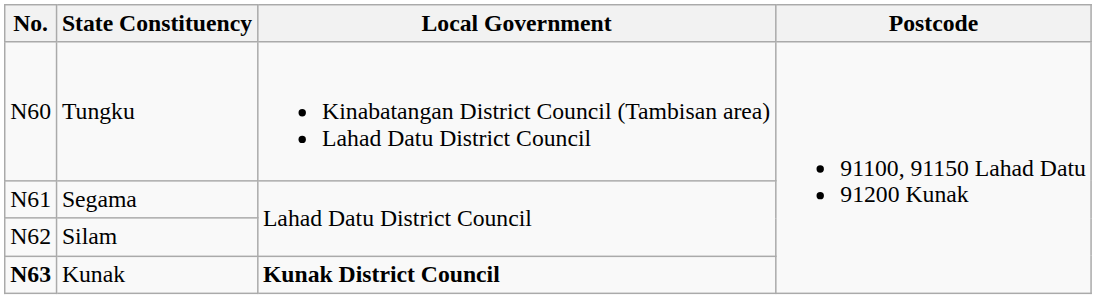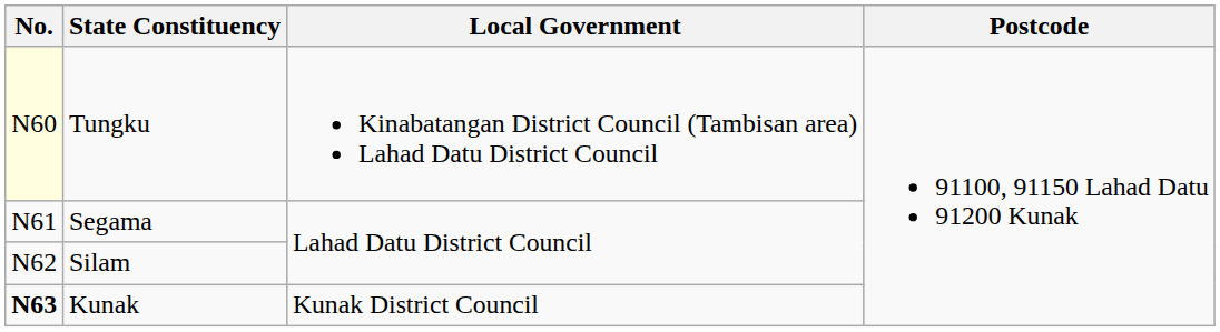 <table class="wikitable">
 <tr>
 <th>No.</th>
 <th>State Constituency</th>
 <th>Local Government</th>
 <th>Postcode</th>
 </tr>
 <tr>
-<td>N60</td>
+<td style="background: lightyellow;">N60</td>
 <td>Tungku</td>
 <td><br><ul><li>Kinabatangan District Council (Tambisan area)</li><li>Lahad Datu District Council</li></ul></td>
 <td rowspan="4"><br><ul><li>91100,  91150 Lahad Datu</li><li>91200 Kunak</li></ul></td>
 </tr>
 <tr>
 <td>N61</td>
 <td>Segama</td>
 <td rowspan="2">Lahad Datu District Council</td>
 </tr>
 <tr>
 <td>N62</td>
 <td>Silam</td>
 </tr>
 <tr>
 <td><strong>N63</strong></td>
 <td>Kunak</td>
-<td><strong>Kunak District Council</strong></td>
+<td>Kunak District Council</td>
 </tr>
 </table>
